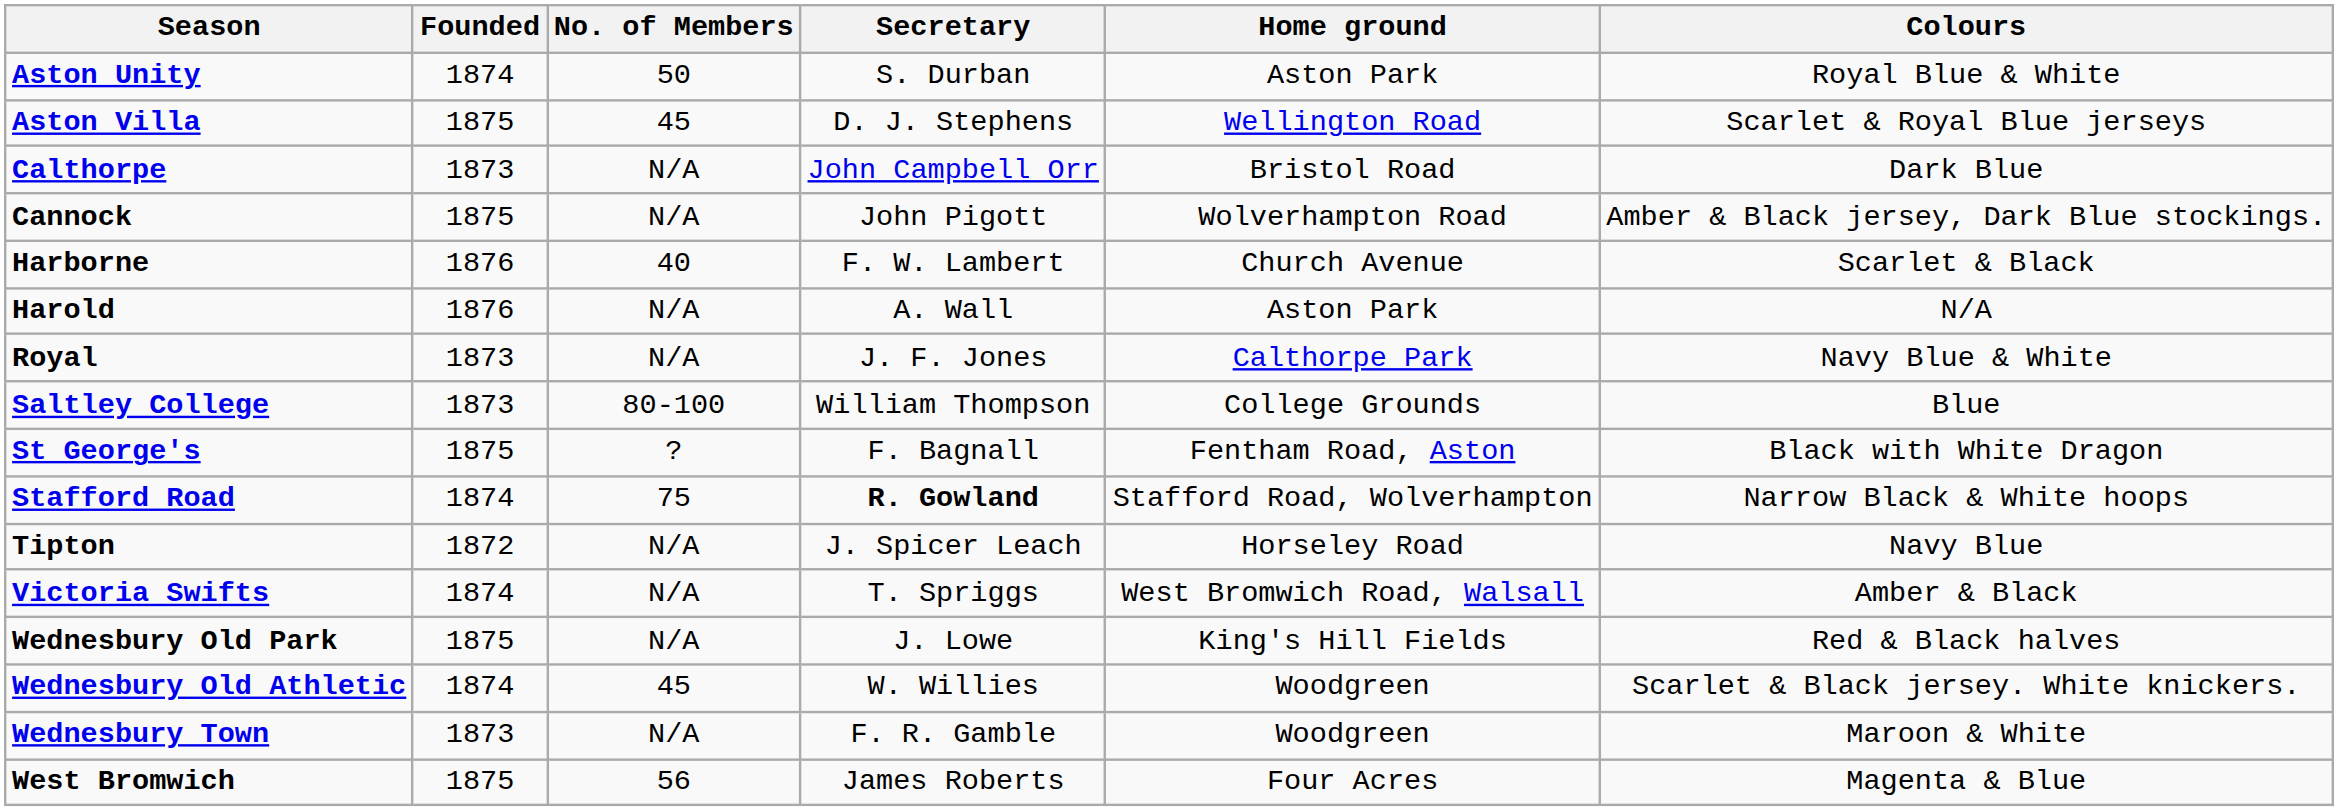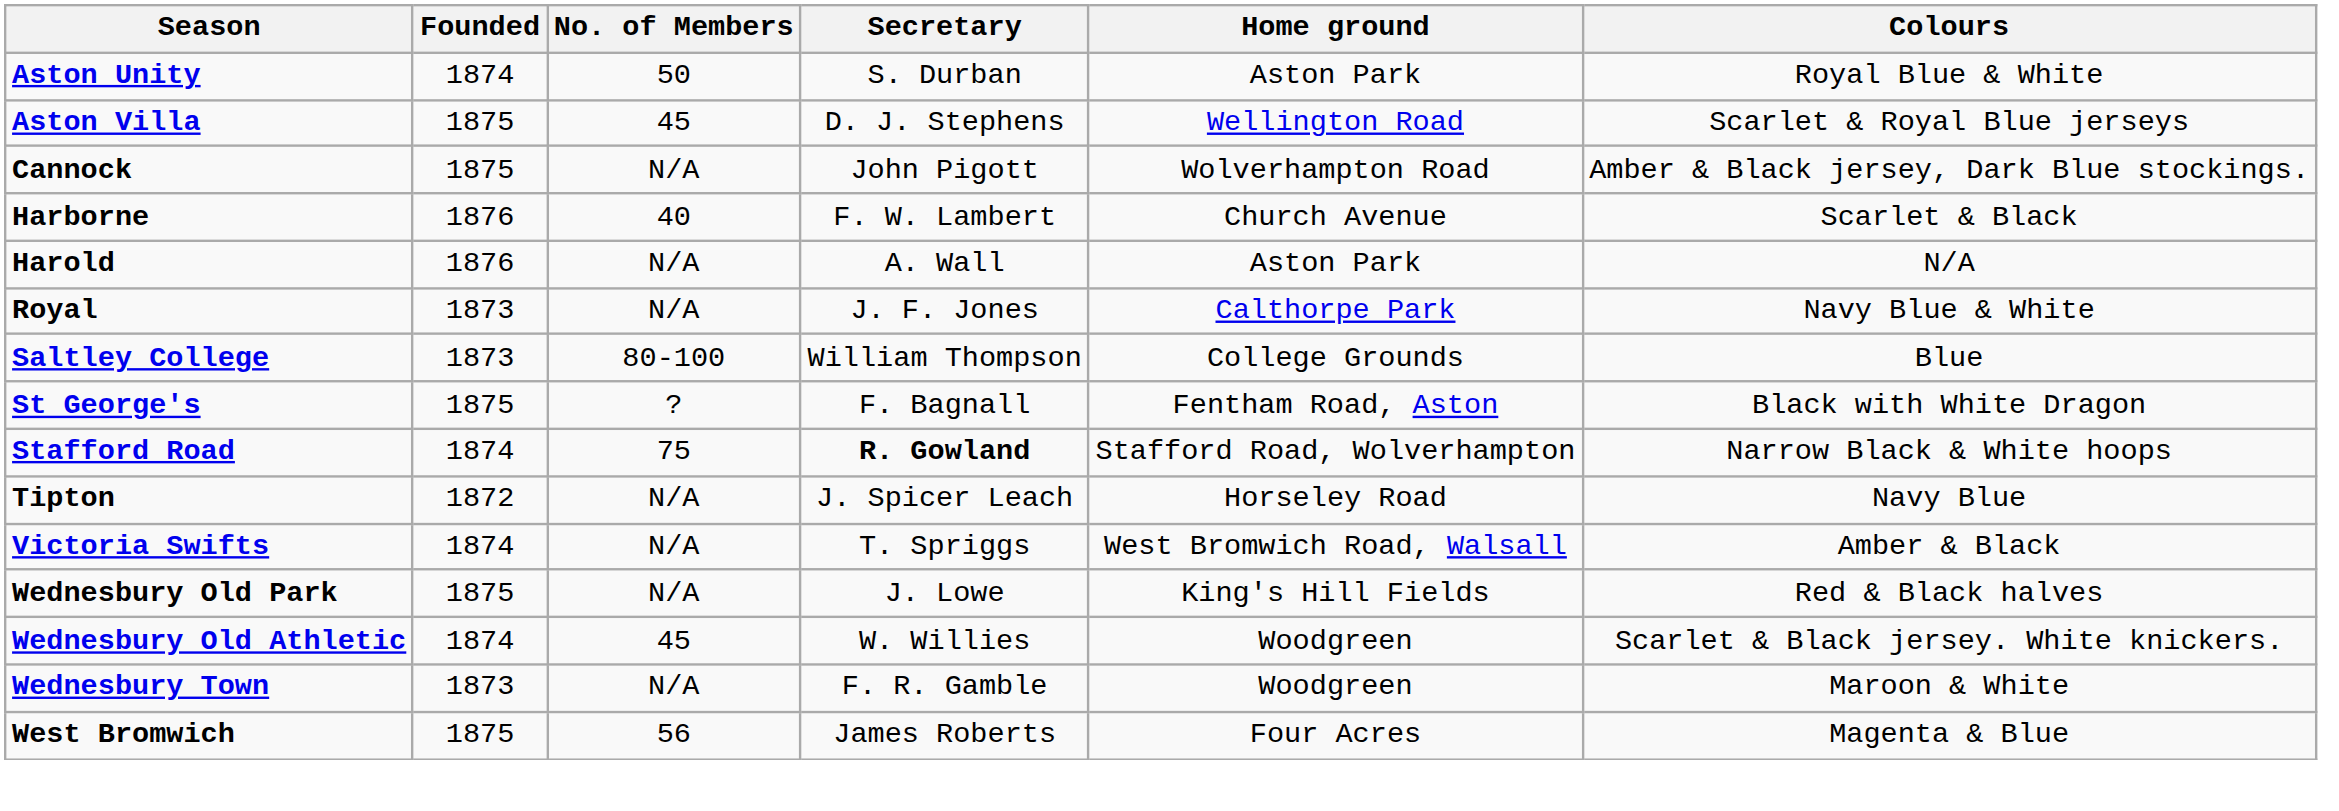 <table class="wikitable" style="text-align: center; font-size: 12px">
 <tr>
 <th>Season</th>
 <th>Founded</th>
 <th>No. of Members</th>
 <th>Secretary</th>
 <th>Home ground</th>
 <th>Colours</th>
 </tr>
 <tr>
 <td style="text-align: left"><strong><a href='#'>Aston Unity</a></strong></td>
 <td>1874</td>
 <td>50</td>
 <td>S. Durban</td>
 <td>Aston Park</td>
 <td>Royal Blue & White</td>
 </tr>
 <tr>
 <td style="text-align: left"><strong><a href='#'>Aston Villa</a></strong></td>
 <td>1875</td>
 <td>45</td>
 <td>D. J. Stephens</td>
 <td><a href='#'>Wellington Road</a></td>
 <td>Scarlet & Royal Blue jerseys</td>
-</tr>
-<tr>
-<td style="text-align: left"><strong><a href='#'>Calthorpe</a></strong></td>
-<td>1873</td>
-<td>N/A</td>
-<td><a href='#'>John Campbell Orr</a></td>
-<td>Bristol Road</td>
-<td>Dark Blue</td>
 </tr>
 <tr>
 <td style="text-align: left"><strong>Cannock</strong></td>
 <td>1875</td>
 <td>N/A</td>
 <td>John Pigott</td>
 <td>Wolverhampton Road</td>
 <td>Amber & Black jersey, Dark Blue stockings.</td>
 </tr>
 <tr>
 <td style="text-align: left"><strong>Harborne</strong></td>
 <td>1876</td>
 <td>40</td>
 <td>F. W. Lambert</td>
 <td>Church Avenue</td>
 <td>Scarlet & Black</td>
 </tr>
 <tr>
 <td style="text-align: left"><strong>Harold</strong></td>
 <td>1876</td>
 <td>N/A</td>
 <td>A. Wall</td>
 <td>Aston Park</td>
 <td>N/A</td>
 </tr>
 <tr>
 <td style="text-align: left"><strong>Royal</strong></td>
 <td>1873</td>
 <td>N/A</td>
 <td>J. F. Jones</td>
 <td><a href='#'>Calthorpe Park</a></td>
 <td>Navy Blue & White</td>
 </tr>
 <tr>
 <td style="text-align: left"><strong><a href='#'>Saltley College</a></strong></td>
 <td>1873</td>
 <td>80-100</td>
 <td>William Thompson</td>
 <td>College Grounds</td>
 <td>Blue</td>
 </tr>
 <tr>
 <td style="text-align: left"><strong><a href='#'>St George's</a></strong></td>
 <td>1875</td>
 <td>?</td>
 <td>F. Bagnall</td>
 <td>Fentham Road, <a href='#'>Aston</a></td>
 <td>Black with White Dragon</td>
 </tr>
 <tr>
 <td style="text-align: left"><strong><a href='#'>Stafford Road</a></strong></td>
 <td>1874</td>
 <td>75</td>
 <td><strong>R. Gowland</strong></td>
 <td>Stafford Road, Wolverhampton</td>
 <td>Narrow Black & White hoops</td>
 </tr>
 <tr>
 <td style="text-align: left"><strong>Tipton</strong></td>
 <td>1872</td>
 <td>N/A</td>
 <td>J. Spicer Leach</td>
 <td>Horseley Road</td>
 <td>Navy Blue</td>
 </tr>
 <tr>
 <td style="text-align: left"><strong><a href='#'>Victoria Swifts</a></strong></td>
 <td>1874</td>
 <td>N/A</td>
 <td>T. Spriggs</td>
 <td>West Bromwich Road, <a href='#'>Walsall</a></td>
 <td>Amber & Black</td>
 </tr>
 <tr>
 <td style="text-align: left"><strong>Wednesbury Old Park</strong></td>
 <td>1875</td>
 <td>N/A</td>
 <td>J. Lowe</td>
 <td>King's Hill Fields</td>
 <td>Red & Black halves</td>
 </tr>
 <tr>
 <td style="text-align: left"><strong><a href='#'>Wednesbury Old Athletic</a></strong></td>
 <td>1874</td>
 <td>45</td>
 <td>W. Willies</td>
 <td>Woodgreen</td>
 <td>Scarlet & Black jersey. White knickers.</td>
 </tr>
 <tr>
 <td style="text-align: left"><strong><a href='#'>Wednesbury Town</a></strong></td>
 <td>1873</td>
 <td>N/A</td>
 <td>F. R. Gamble</td>
 <td>Woodgreen</td>
 <td>Maroon & White</td>
 </tr>
 <tr>
 <td style="text-align: left"><strong>West Bromwich</strong></td>
 <td>1875</td>
 <td>56</td>
 <td>James Roberts</td>
 <td>Four Acres</td>
 <td>Magenta & Blue</td>
 </tr>
 </table>
